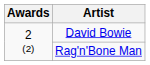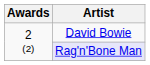 <table class="wikitable" rowspan="2" style="text-align:center;">
 <tr>
 <th scope="col" style="width:55px;">Awards</th>
 <th scope="col" style="text-align:center;">Artist</th>
 </tr>
 <tr>
 <td rowspan="2">2<br><small>(2)</small></td>
 <td><a href='#'>David Bowie</a></td>
 </tr>
 <tr>
-<td><a href='#'>Rag'n'Bone Man</a></td>
+<td style="background: lavender;"><a href='#'>Rag'n'Bone Man</a></td>
 </tr>
 </table>
